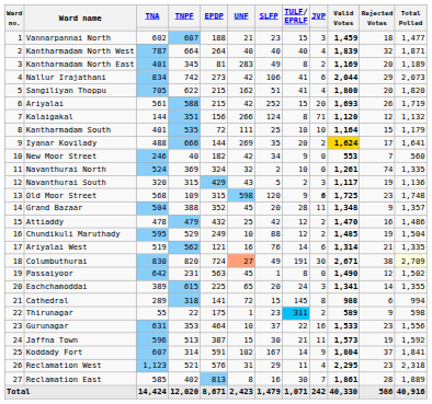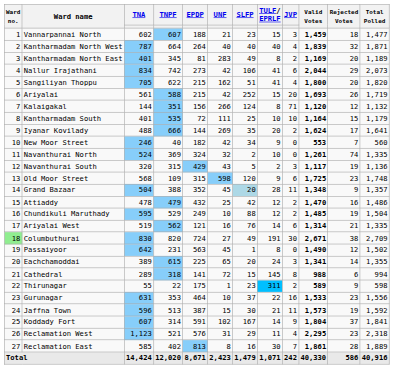 <table class="wikitable sortable plainrowheaders mw-collapsible autocollapse" style="font-size:90%; text-align:right;">
 <tr>
 <th rowspan=2><small>Ward<br>no.</small></th>
 <th rowspan=2>Ward name</th>
 <th><a href='#'>TNA</a></th>
 <th><a href='#'>TNPF</a></th>
 <th><a href='#'>EPDP</a></th>
 <th><a href='#'>UNF</a></th>
 <th><a href='#'>SLFP</a></th>
 <th><a href='#'>TULF</a>/<br><a href='#'>EPRLF</a></th>
 <th><a href='#'>JVP</a></th>
 <th rowspan=2><small>Valid<br>Votes</small></th>
 <th rowspan=2><small>Rejected<br>Votes</small></th>
 <th rowspan=2><small>Total<br>Polled</small></th>
 </tr>
 <tr>
 <th style="background:"></th>
 <th style="background:"></th>
 <th style="background:"></th>
 <th style="background:"></th>
 <th style="background:"></th>
 <th style="background:"></th>
 <th style="background:"></th>
 </tr>
 <tr>
 <td>1</td>
 <td align=left>Vannarpannai North</td>
 <td>602</td>
 <td style="background-color:#87cefa;">607</td>
 <td>188</td>
 <td>21</td>
 <td>23</td>
 <td>15</td>
 <td>3</td>
 <td><strong>1,459</strong></td>
 <td>18</td>
 <td>1,477</td>
 </tr>
 <tr>
 <td>2</td>
 <td align=left>Kantharmadam North West</td>
 <td style="background-color:#87cefa;">787</td>
 <td>664</td>
 <td>264</td>
 <td>40</td>
 <td>40</td>
 <td>40</td>
 <td>4</td>
 <td><strong>1,839</strong></td>
 <td>32</td>
 <td>1,871</td>
 </tr>
 <tr>
 <td>3</td>
 <td align=left>Kantharmadam North East</td>
 <td style="background-color:#87cefa;">401</td>
 <td>345</td>
 <td>81</td>
 <td>283</td>
 <td>49</td>
 <td>8</td>
 <td>2</td>
 <td><strong>1,169</strong></td>
 <td>20</td>
 <td>1,189</td>
 </tr>
 <tr>
 <td>4</td>
 <td align=left>Nallur Irajathani</td>
 <td style="background-color:#87cefa;">834</td>
 <td>742</td>
 <td>273</td>
 <td>42</td>
 <td>106</td>
 <td>41</td>
 <td>6</td>
 <td><strong>2,044</strong></td>
 <td>29</td>
 <td>2,073</td>
 </tr>
 <tr>
 <td>5</td>
 <td align=left>Sangiliyan Thoppu</td>
 <td style="background-color:#87cefa;">705</td>
 <td>622</td>
 <td>215</td>
 <td>162</td>
 <td>51</td>
 <td>41</td>
 <td>4</td>
 <td><strong>1,800</strong></td>
 <td>20</td>
 <td>1,820</td>
 </tr>
 <tr>
 <td>6</td>
 <td align=left>Ariyalai</td>
 <td>561</td>
 <td style="background-color:#87cefa;">588</td>
 <td>215</td>
 <td>42</td>
 <td>252</td>
 <td>15</td>
 <td>20</td>
 <td><strong>1,693</strong></td>
 <td>26</td>
 <td>1,719</td>
 </tr>
 <tr>
 <td>7</td>
 <td align=left>Kalaigakal</td>
 <td>144</td>
 <td style="background-color:#87cefa;">351</td>
 <td>156</td>
 <td>266</td>
 <td>124</td>
 <td>8</td>
 <td>71</td>
 <td><strong>1,120</strong></td>
 <td>12</td>
 <td>1,132</td>
 </tr>
 <tr>
 <td>8</td>
 <td align=left>Kantharmadam South</td>
 <td>401</td>
 <td style="background-color:#87cefa;">535</td>
 <td>72</td>
 <td>111</td>
 <td>25</td>
 <td>10</td>
 <td>10</td>
 <td><strong>1,164</strong></td>
 <td>15</td>
 <td>1,179</td>
 </tr>
 <tr>
 <td>9</td>
 <td align=left>Iyanar Kovilady</td>
 <td>488</td>
 <td style="background-color:#87cefa;">666</td>
 <td>144</td>
 <td>269</td>
 <td>35</td>
 <td>20</td>
 <td>2</td>
-<td style="background: gold;"><strong>1,624</strong></td>
+<td><strong>1,624</strong></td>
 <td>17</td>
 <td>1,641</td>
 </tr>
 <tr>
 <td>10</td>
 <td align=left>New Moor Street</td>
 <td style="background-color:#87cefa;">246</td>
 <td>40</td>
 <td>182</td>
 <td>42</td>
 <td>34</td>
 <td>9</td>
 <td>0</td>
 <td><strong>553</strong></td>
 <td>7</td>
 <td>560</td>
 </tr>
 <tr>
 <td>11</td>
 <td align=left>Navanthurai North</td>
 <td style="background-color:#87cefa;">524</td>
 <td>369</td>
 <td>324</td>
 <td>32</td>
 <td>2</td>
 <td>10</td>
 <td>0</td>
 <td><strong>1,261</strong></td>
 <td>74</td>
 <td>1,335</td>
 </tr>
 <tr>
 <td>12</td>
 <td align=left>Navanthurai South</td>
 <td>320</td>
 <td>315</td>
 <td style="background-color:#87cefa;">429</td>
 <td>43</td>
 <td>5</td>
 <td>2</td>
 <td>3</td>
 <td><strong>1,117</strong></td>
 <td>19</td>
 <td>1,136</td>
 </tr>
 <tr>
 <td>13</td>
 <td align=left>Old Moor Street</td>
 <td>568</td>
 <td>109</td>
 <td>315</td>
 <td style="background-color:#87cefa;">598</td>
 <td>120</td>
 <td>9</td>
-<td><strong>6</strong></td>
+<td>6</td>
 <td><strong>1,725</strong></td>
 <td>23</td>
 <td>1,748</td>
 </tr>
 <tr>
 <td>14</td>
 <td align=left>Grand Bazaar</td>
 <td style="background-color:#87cefa;">504</td>
 <td>388</td>
 <td>352</td>
 <td>45</td>
-<td>20</td>
+<td style="background: lightblue;">20</td>
 <td>28</td>
 <td>11</td>
 <td><strong>1,348</strong></td>
 <td>9</td>
 <td>1,357</td>
 </tr>
 <tr>
 <td>15</td>
 <td align=left>Attiaddy</td>
 <td>478</td>
 <td style="background-color:#87cefa;">479</td>
 <td>432</td>
 <td>25</td>
 <td>42</td>
 <td>12</td>
 <td>2</td>
 <td><strong>1,470</strong></td>
 <td>16</td>
 <td>1,486</td>
 </tr>
 <tr>
 <td>16</td>
 <td align=left>Chundikuli Maruthady</td>
 <td style="background-color:#87cefa;">595</td>
 <td>529</td>
 <td>249</td>
 <td>10</td>
 <td>88</td>
 <td>12</td>
 <td>2</td>
 <td><strong>1,485</strong></td>
 <td>19</td>
 <td>1,504</td>
 </tr>
 <tr>
 <td>17</td>
 <td align=left>Ariyalai West</td>
 <td>519</td>
 <td style="background-color:#87cefa;">562</td>
 <td>121</td>
 <td>16</td>
 <td>76</td>
 <td>14</td>
 <td>6</td>
 <td><strong>1,314</strong></td>
 <td>21</td>
 <td>1,335</td>
 </tr>
 <tr>
-<td>18</td>
+<td style="background: lightgreen;">18</td>
 <td align=left>Columbuthurai</td>
 <td style="background-color:#87cefa;">830</td>
 <td>820</td>
 <td>724</td>
-<td style="background: lightsalmon;">27</td>
+<td>27</td>
 <td>49</td>
 <td>191</td>
 <td>30</td>
 <td><strong>2,671</strong></td>
 <td>38</td>
-<td style="background: lightyellow;">2,709</td>
+<td>2,709</td>
 </tr>
 <tr>
 <td>19</td>
 <td align=left>Passaiyoor</td>
 <td style="background-color:#87cefa;">642</td>
 <td>231</td>
 <td>563</td>
 <td>45</td>
 <td>1</td>
 <td>8</td>
 <td>0</td>
 <td><strong>1,490</strong></td>
 <td>12</td>
 <td>1,502</td>
 </tr>
 <tr>
 <td>20</td>
 <td align=left>Eachchamoddai</td>
 <td>389</td>
 <td style="background-color:#87cefa;">615</td>
 <td>225</td>
 <td>65</td>
 <td>20</td>
 <td>24</td>
 <td>3</td>
 <td><strong>1,341</strong></td>
 <td>14</td>
 <td>1,355</td>
 </tr>
 <tr>
 <td>21</td>
 <td align=left>Cathedral</td>
 <td>289</td>
 <td style="background-color:#87cefa;">318</td>
 <td>141</td>
 <td>72</td>
 <td>15</td>
 <td>145</td>
 <td>8</td>
 <td><strong>988</strong></td>
 <td>6</td>
 <td>994</td>
 </tr>
 <tr>
 <td>22</td>
 <td align=left>Thirunagar</td>
 <td>55</td>
 <td>22</td>
 <td>175</td>
 <td>1</td>
 <td>23</td>
 <td style="background-color:#00bfff;">311</td>
 <td>2</td>
 <td><strong>589</strong></td>
 <td>9</td>
 <td>598</td>
 </tr>
 <tr>
 <td>23</td>
 <td align=left>Gurunagar</td>
 <td style="background-color:#87cefa;">631</td>
 <td>353</td>
 <td>464</td>
 <td>10</td>
 <td>37</td>
 <td>22</td>
 <td>16</td>
 <td><strong>1,533</strong></td>
 <td>23</td>
 <td>1,556</td>
 </tr>
 <tr>
 <td>24</td>
 <td align=left>Jaffna Town</td>
 <td style="background-color:#87cefa;">596</td>
 <td>513</td>
 <td>387</td>
 <td>15</td>
 <td>30</td>
 <td>21</td>
 <td>11</td>
 <td><strong>1,573</strong></td>
 <td>19</td>
 <td>1,592</td>
 </tr>
 <tr>
 <td>25</td>
 <td align=left>Koddady Fort</td>
 <td style="background-color:#87cefa;">607</td>
 <td>314</td>
 <td>591</td>
 <td>102</td>
 <td>167</td>
 <td>14</td>
 <td>9</td>
 <td><strong>1,804</strong></td>
 <td>37</td>
 <td>1,841</td>
 </tr>
 <tr>
 <td>26</td>
 <td align=left>Reclamation West</td>
 <td style="background-color:#87cefa;">1,123</td>
 <td>521</td>
 <td>576</td>
 <td>31</td>
 <td>29</td>
 <td>11</td>
 <td>4</td>
 <td><strong>2,295</strong></td>
 <td>23</td>
 <td>2,318</td>
 </tr>
 <tr>
 <td>27</td>
 <td align=left>Reclamation East</td>
 <td>585</td>
 <td>402</td>
 <td style="background-color:#87cefa;">813</td>
 <td>8</td>
 <td>16</td>
 <td>30</td>
 <td>7</td>
 <td><strong>1,861</strong></td>
 <td>28</td>
 <td>1,889</td>
 </tr>
 <tr class="sortbottom" style="background-color:#E9E9E9; font-weight:bold">
 <td colspan=2 style="text-align:left;">Total</td>
 <td>14,424</td>
 <td>12,020</td>
 <td>8,671</td>
 <td>2,423</td>
 <td>1,479</td>
 <td>1,071</td>
 <td>242</td>
 <td>40,330</td>
 <td>586</td>
 <td>40,916</td>
 </tr>
 </table>
